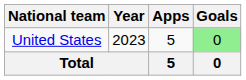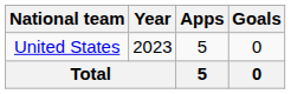 <table class="wikitable" style="text-align:center">
 <tr>
 <th>National team</th>
 <th>Year</th>
 <th>Apps</th>
 <th>Goals</th>
 </tr>
 <tr>
 <td rowspan="1"><a href='#'>United States</a></td>
 <td>2023</td>
 <td>5</td>
-<td style="background: lightgreen;">0</td>
+<td>0</td>
 </tr>
 <tr>
 <th colspan="2">Total</th>
 <th>5</th>
 <th>0</th>
 </tr>
 </table>
